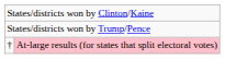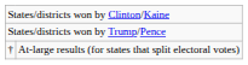 <table class="wikitable" style="font-size:90%; line-height:1.2">
 <tr>
 <td colspan=2>States/districts won by <a href='#'>Clinton</a>/<a href='#'>Kaine</a></td>
 </tr>
 <tr>
 <td colspan=2>States/districts won by <a href='#'>Trump</a>/<a href='#'>Pence</a></td>
 </tr>
 <tr>
 <td>†</td>
-<td style="background: pink;">At-large results (for states that split electoral votes)</td>
+<td>At-large results (for states that split electoral votes)</td>
 </tr>
 </table>
